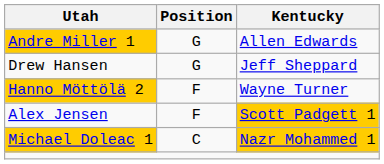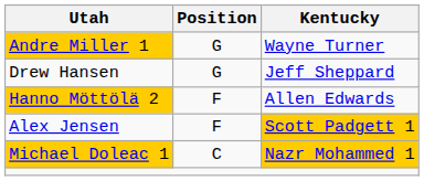 <table class="wikitable">
 <tr>
 <th>Utah</th>
 <th colspan="2">Position</th>
 <th>Kentucky</th>
 </tr>
 <tr>
 <td style="background:#ffcc00"><a href='#'>Andre Miller</a> 1</td>
 <td colspan=2 style="text-align:center">G</td>
-<td><a href='#'>Allen Edwards</a></td>
+<td><a href='#'>Wayne Turner</a></td>
 </tr>
 <tr>
 <td>Drew Hansen</td>
 <td colspan=2 style="text-align:center">G</td>
 <td><a href='#'>Jeff Sheppard</a></td>
 </tr>
 <tr>
 <td style="background:#ffcc00"><a href='#'>Hanno Möttölä</a> 2</td>
 <td colspan=2 style="text-align:center">F</td>
-<td><a href='#'>Wayne Turner</a></td>
+<td><a href='#'>Allen Edwards</a></td>
 </tr>
 <tr>
 <td><a href='#'>Alex Jensen</a></td>
 <td colspan=2 style="text-align:center">F</td>
 <td style="background:#ffcc00"><a href='#'>Scott Padgett</a> 1</td>
 </tr>
 <tr>
 <td style="background:#ffcc00"><a href='#'>Michael Doleac</a> 1</td>
 <td colspan=2 style="text-align:center">C</td>
 <td style="background:#ffcc00"><a href='#'>Nazr Mohammed</a> 1</td>
 </tr>
 <tr>
 <td colspan="5" align=center></td>
 </tr>
 </table>
